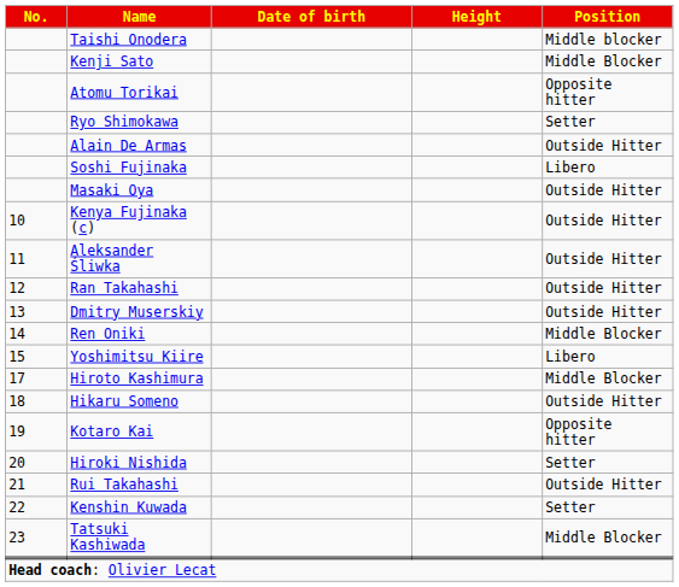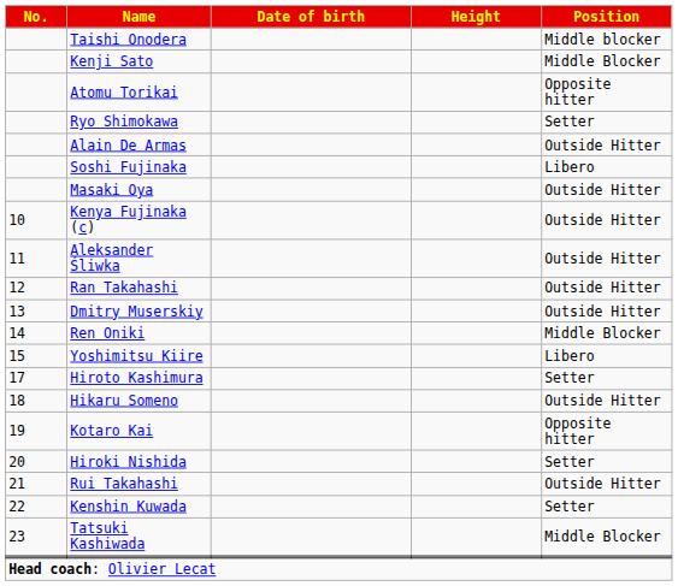 <table class="wikitable sortable" style="font-size:">
 <tr>
 <th style="width:4em; color:yellow; background-color:#E60000">No.</th>
 <th style="width:10em; color:yellow; background-color:#E60000">Name</th>
 <th style="width:14em; color:yellow; background-color:#E60000">Date of birth</th>
 <th style="width:9em; color:yellow; background-color:#E60000">Height</th>
 <th style="width:9em; color:yellow; background-color:#E60000">Position</th>
 </tr>
 <tr>
 <td></td>
 <td style="text-align:left;"> <a href='#'>Taishi Onodera</a></td>
 <td style="text-align:right;"></td>
 <td></td>
 <td>Middle blocker</td>
 </tr>
 <tr>
 <td></td>
 <td style="text-align:left;"> <a href='#'>Kenji Sato</a></td>
 <td style="text-align:right;"></td>
 <td></td>
 <td>Middle Blocker</td>
 </tr>
 <tr>
 <td></td>
 <td style="text-align:left;"> <a href='#'>Atomu Torikai</a></td>
 <td style="text-align:right;"></td>
 <td></td>
 <td>Opposite hitter</td>
 </tr>
 <tr>
 <td></td>
 <td style="text-align:left;"> <a href='#'>Ryo Shimokawa</a></td>
 <td style="text-align:right;"></td>
 <td></td>
 <td>Setter</td>
 </tr>
 <tr>
 <td></td>
 <td style="text-align:left;"> <a href='#'>Alain De Armas</a></td>
 <td style="text-align:right;"></td>
 <td></td>
 <td>Outside Hitter</td>
 </tr>
 <tr>
 <td></td>
 <td style="text-align:left;"> <a href='#'>Soshi Fujinaka</a></td>
 <td style="text-align:right;"></td>
 <td></td>
 <td>Libero</td>
 </tr>
 <tr>
 <td></td>
 <td style="text-align:left;"> <a href='#'>Masaki Oya</a></td>
 <td style="text-align:right;"></td>
 <td></td>
 <td>Outside Hitter</td>
 </tr>
 <tr>
 <td>10</td>
 <td style="text-align:left;"> <a href='#'>Kenya Fujinaka</a> (<a href='#'>c</a>)</td>
 <td style="text-align:right;"></td>
 <td></td>
 <td>Outside Hitter</td>
 </tr>
 <tr>
 <td>11</td>
 <td style="text-align:left;"> <a href='#'>Aleksander Śliwka</a></td>
 <td style="text-align:right;"></td>
 <td></td>
 <td>Outside Hitter</td>
 </tr>
 <tr>
 <td>12</td>
 <td style="text-align:left;"> <a href='#'>Ran Takahashi</a></td>
 <td style="text-align:right;"></td>
 <td></td>
 <td>Outside Hitter</td>
 </tr>
 <tr>
 <td>13</td>
 <td style="text-align:left;"> <a href='#'>Dmitry Muserskiy</a></td>
 <td style="text-align:right;"></td>
 <td></td>
 <td>Outside Hitter</td>
 </tr>
 <tr>
 <td>14</td>
 <td style="text-align:left;"> <a href='#'>Ren Oniki</a></td>
 <td style="text-align:right;"></td>
 <td></td>
 <td>Middle Blocker</td>
 </tr>
 <tr>
 <td>15</td>
 <td style="text-align:left;"> <a href='#'>Yoshimitsu Kiire</a></td>
 <td style="text-align:right;"></td>
 <td></td>
 <td>Libero</td>
 </tr>
 <tr>
 <td>17</td>
 <td style="text-align:left;"> <a href='#'>Hiroto Kashimura</a></td>
 <td style="text-align:right;"></td>
 <td></td>
-<td>Middle Blocker</td>
+<td>Setter</td>
 </tr>
 <tr>
 <td>18</td>
 <td style="text-align:left;"> <a href='#'>Hikaru Someno</a></td>
 <td style="text-align:right;"></td>
 <td></td>
 <td>Outside Hitter</td>
 </tr>
 <tr>
 <td>19</td>
 <td style="text-align:left;"> <a href='#'>Kotaro Kai</a></td>
 <td style="text-align:right;"></td>
 <td></td>
 <td>Opposite hitter</td>
 </tr>
 <tr>
 <td>20</td>
 <td style="text-align:left;"> <a href='#'>Hiroki Nishida</a></td>
 <td style="text-align:right;"></td>
 <td></td>
 <td>Setter</td>
 </tr>
 <tr>
 <td>21</td>
 <td style="text-align:left;"> <a href='#'>Rui Takahashi</a></td>
 <td style="text-align:right;"></td>
 <td></td>
 <td>Outside Hitter</td>
 </tr>
 <tr>
 <td>22</td>
 <td style="text-align:left;"> <a href='#'>Kenshin Kuwada</a></td>
 <td style="text-align:right;"></td>
 <td></td>
 <td>Setter</td>
 </tr>
 <tr>
 <td>23</td>
 <td style="text-align:left;"> <a href='#'>Tatsuki Kashiwada</a></td>
 <td style="text-align:right;"></td>
 <td></td>
 <td>Middle Blocker</td>
 </tr>
 <tr>
 <td style="border-top:double;"colspan=5><strong>Head coach</strong>:  <a href='#'>Olivier Lecat</a></td>
 </tr>
 </table>
